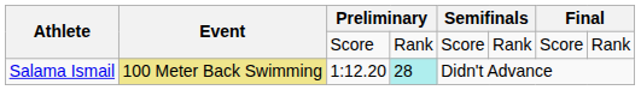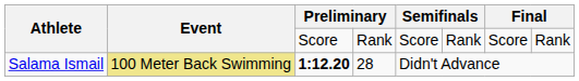 <table class="wikitable">
 <tr>
 <th rowspan="2">Athlete</th>
 <th rowspan="2">Event</th>
 <th colspan="2">Preliminary</th>
 <th colspan="2">Semifinals</th>
 <th colspan="2">Final</th>
 </tr>
 <tr>
 <td>Score</td>
 <td>Rank</td>
 <td>Score</td>
 <td>Rank</td>
 <td>Score</td>
 <td>Rank</td>
 </tr>
 <tr>
 <td><a href='#'>Salama Ismail</a></td>
 <td style="background: khaki;">100 Meter Back Swimming</td>
-<td>1:12.20</td>
-<td style="background: paleturquoise;">28</td>
+<td><strong>1:12.20</strong></td>
+<td>28</td>
 <td colspan="4">Didn't Advance</td>
 </tr>
 </table>
